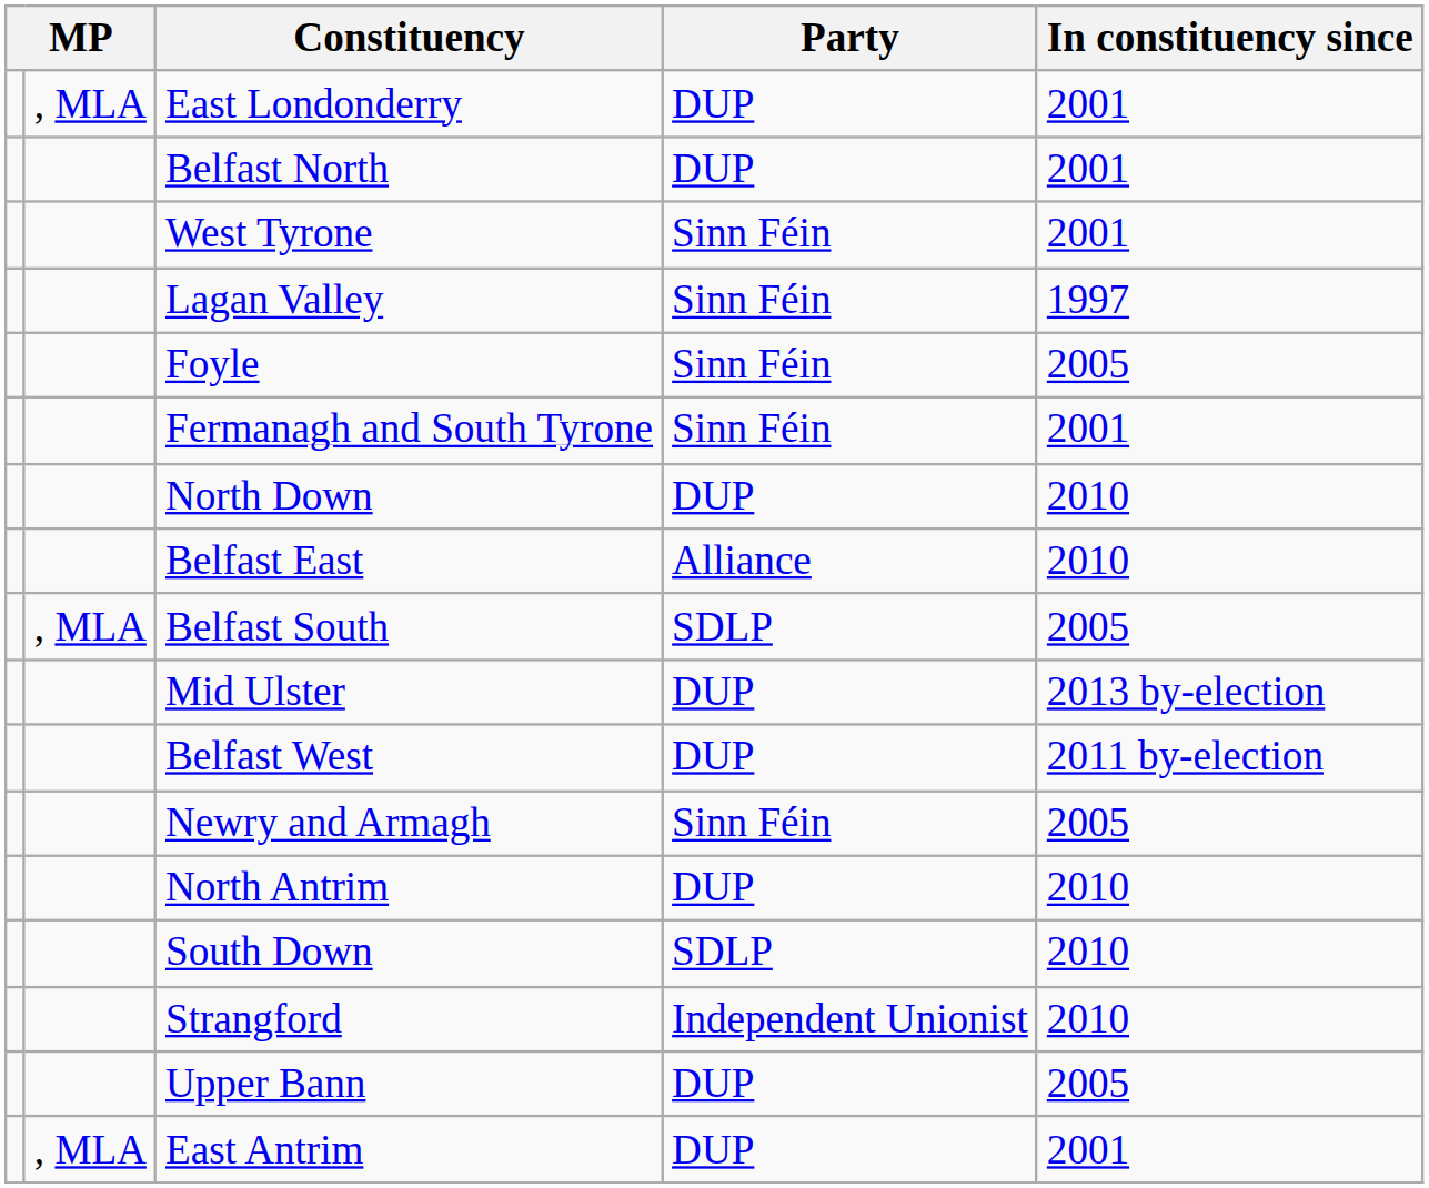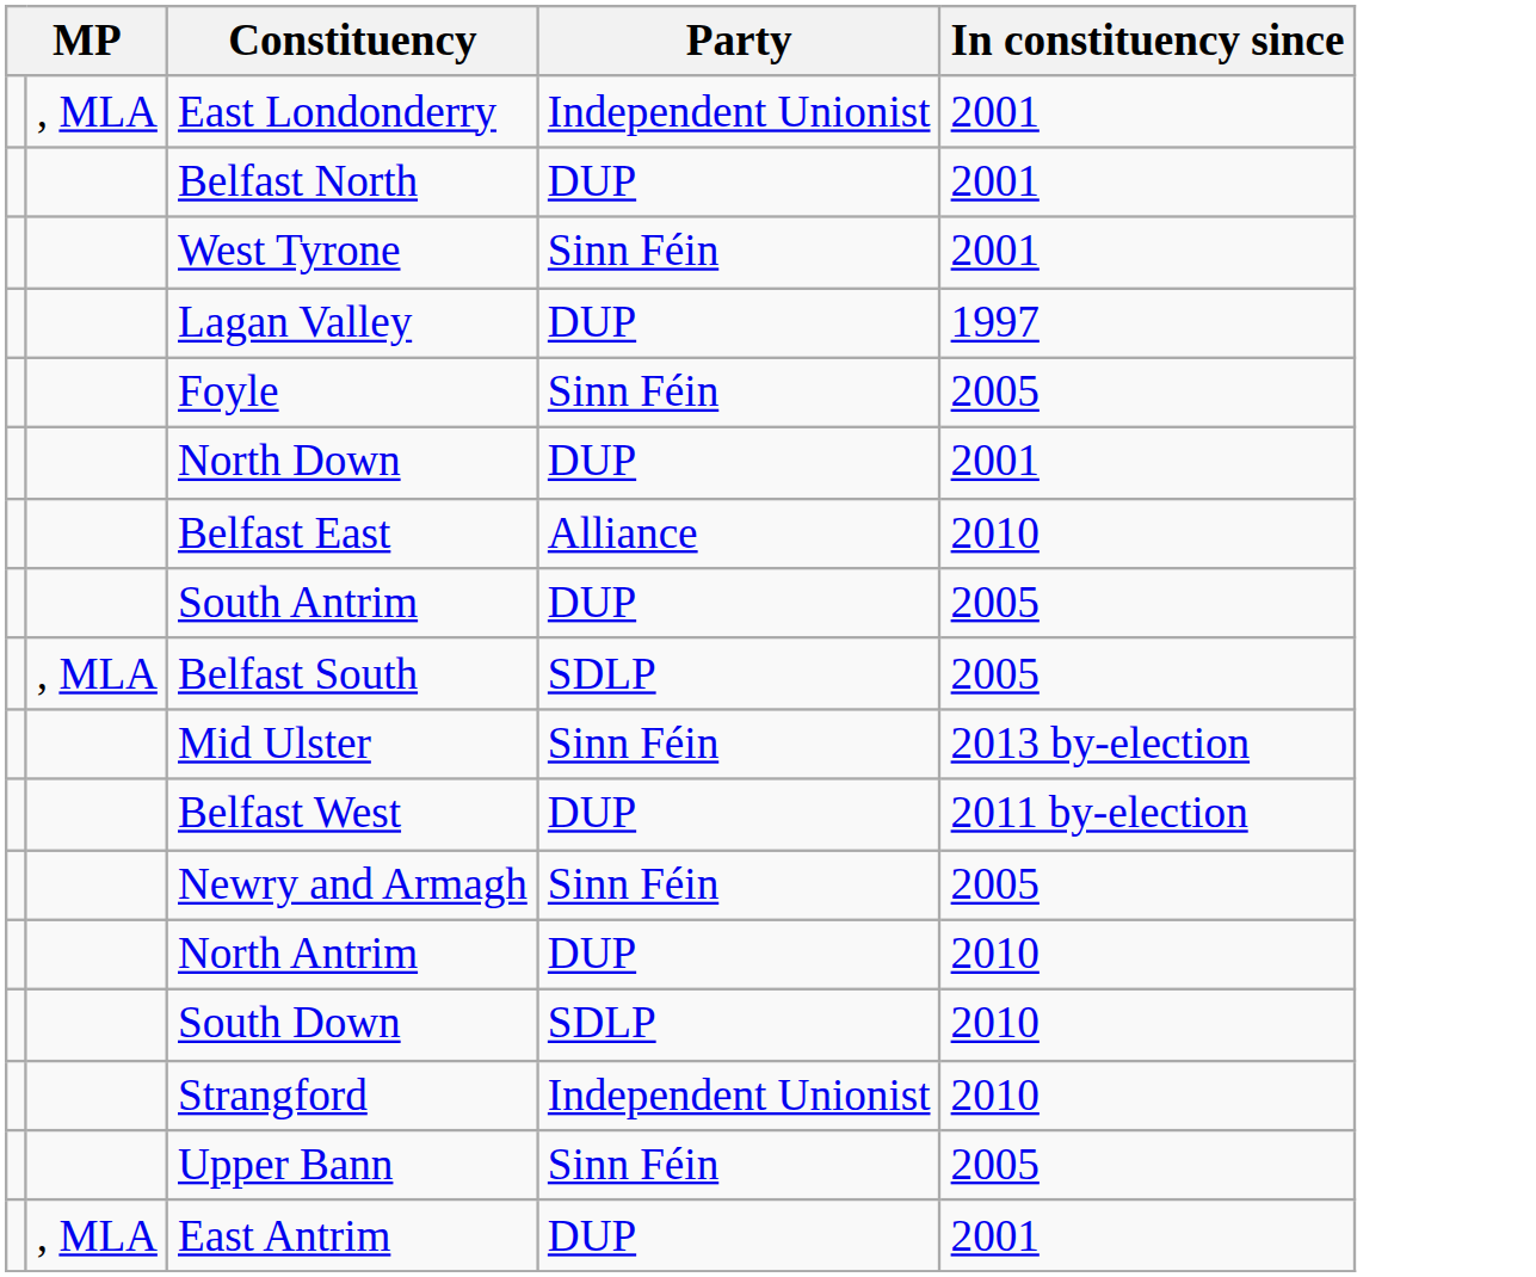 <table class="wikitable sortable">
 <tr>
 <th colspan=2>MP</th>
 <th>Constituency</th>
 <th>Party</th>
 <th>In constituency since</th>
 </tr>
 <tr>
 <td style="background-color: "></td>
 <td>, <a href='#'>MLA</a></td>
 <td><a href='#'>East Londonderry</a></td>
-<td><a href='#'>DUP</a></td>
+<td><a href='#'>Independent Unionist</a></td>
 <td><a href='#'>2001</a></td>
 </tr>
 <tr>
 <td style="background-color: "></td>
 <td></td>
 <td><a href='#'>Belfast North</a></td>
 <td><a href='#'>DUP</a></td>
 <td><a href='#'>2001</a></td>
 </tr>
 <tr>
 <td style="background-color: "></td>
 <td></td>
 <td><a href='#'>West Tyrone</a></td>
 <td><a href='#'>Sinn Féin</a></td>
 <td><a href='#'>2001</a></td>
 </tr>
 <tr>
 <td style="background-color: "></td>
 <td></td>
 <td><a href='#'>Lagan Valley</a></td>
-<td><a href='#'>Sinn Féin</a></td>
+<td><a href='#'>DUP</a></td>
 <td><a href='#'>1997</a></td>
 </tr>
 <tr>
 <td style="background-color: "></td>
 <td></td>
 <td><a href='#'>Foyle</a></td>
 <td><a href='#'>Sinn Féin</a></td>
 <td><a href='#'>2005</a></td>
 </tr>
 <tr>
 <td style="background-color: "></td>
 <td></td>
-<td><a href='#'>Fermanagh and South Tyrone</a></td>
-<td><a href='#'>Sinn Féin</a></td>
-<td><a href='#'>2001</a></td>
-</tr>
-<tr>
-<td style="background-color: "></td>
-<td></td>
 <td><a href='#'>North Down</a></td>
 <td><a href='#'>DUP</a></td>
-<td><a href='#'>2010</a></td>
+<td><a href='#'>2001</a></td>
 </tr>
 <tr>
 <td style="background-color: "></td>
 <td></td>
 <td><a href='#'>Belfast East</a></td>
 <td><a href='#'>Alliance</a></td>
 <td><a href='#'>2010</a></td>
+</tr>
+<tr>
+<td style="background-color: "></td>
+<td></td>
+<td><a href='#'>South Antrim</a></td>
+<td><a href='#'>DUP</a></td>
+<td><a href='#'>2005</a></td>
 </tr>
 <tr>
 <td style="background-color: "></td>
 <td>, <a href='#'>MLA</a></td>
 <td><a href='#'>Belfast South</a></td>
 <td><a href='#'>SDLP</a></td>
 <td><a href='#'>2005</a></td>
 </tr>
 <tr>
 <td style="background-color: "></td>
 <td></td>
 <td><a href='#'>Mid Ulster</a></td>
-<td><a href='#'>DUP</a></td>
+<td><a href='#'>Sinn Féin</a></td>
 <td><a href='#'>2013 by-election</a></td>
 </tr>
 <tr>
 <td style="background-color: "></td>
 <td></td>
 <td><a href='#'>Belfast West</a></td>
 <td><a href='#'>DUP</a></td>
 <td><a href='#'>2011 by-election</a></td>
 </tr>
 <tr>
 <td style="background-color: "></td>
 <td></td>
 <td><a href='#'>Newry and Armagh</a></td>
 <td><a href='#'>Sinn Féin</a></td>
 <td><a href='#'>2005</a></td>
 </tr>
 <tr>
 <td style="background-color: "></td>
 <td></td>
 <td><a href='#'>North Antrim</a></td>
 <td><a href='#'>DUP</a></td>
 <td><a href='#'>2010</a></td>
 </tr>
 <tr>
 <td style="background-color: "></td>
 <td></td>
 <td><a href='#'>South Down</a></td>
 <td><a href='#'>SDLP</a></td>
 <td><a href='#'>2010</a></td>
 </tr>
 <tr>
 <td style="background-color: "></td>
 <td></td>
 <td><a href='#'>Strangford</a></td>
 <td><a href='#'>Independent Unionist</a></td>
 <td><a href='#'>2010</a></td>
 </tr>
 <tr>
 <td style="background-color: "></td>
 <td></td>
 <td><a href='#'>Upper Bann</a></td>
-<td><a href='#'>DUP</a></td>
+<td><a href='#'>Sinn Féin</a></td>
 <td><a href='#'>2005</a></td>
 </tr>
 <tr>
 <td style="background-color: "></td>
 <td>, <a href='#'>MLA</a></td>
 <td><a href='#'>East Antrim</a></td>
 <td><a href='#'>DUP</a></td>
 <td><a href='#'>2001</a></td>
 </tr>
 <tr>
 </tr>
 </table>
